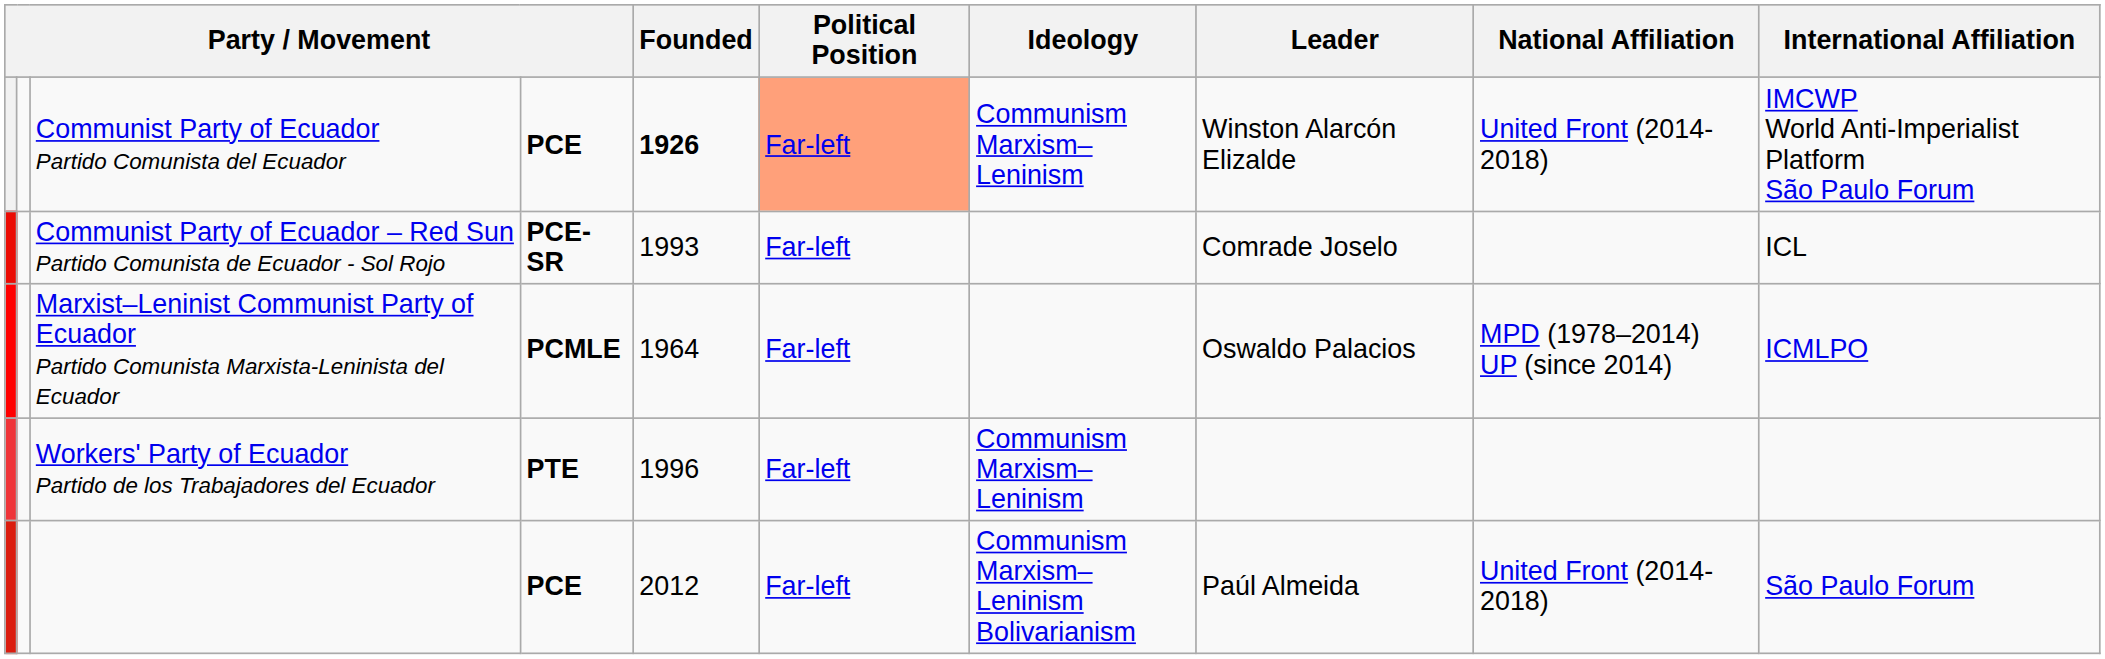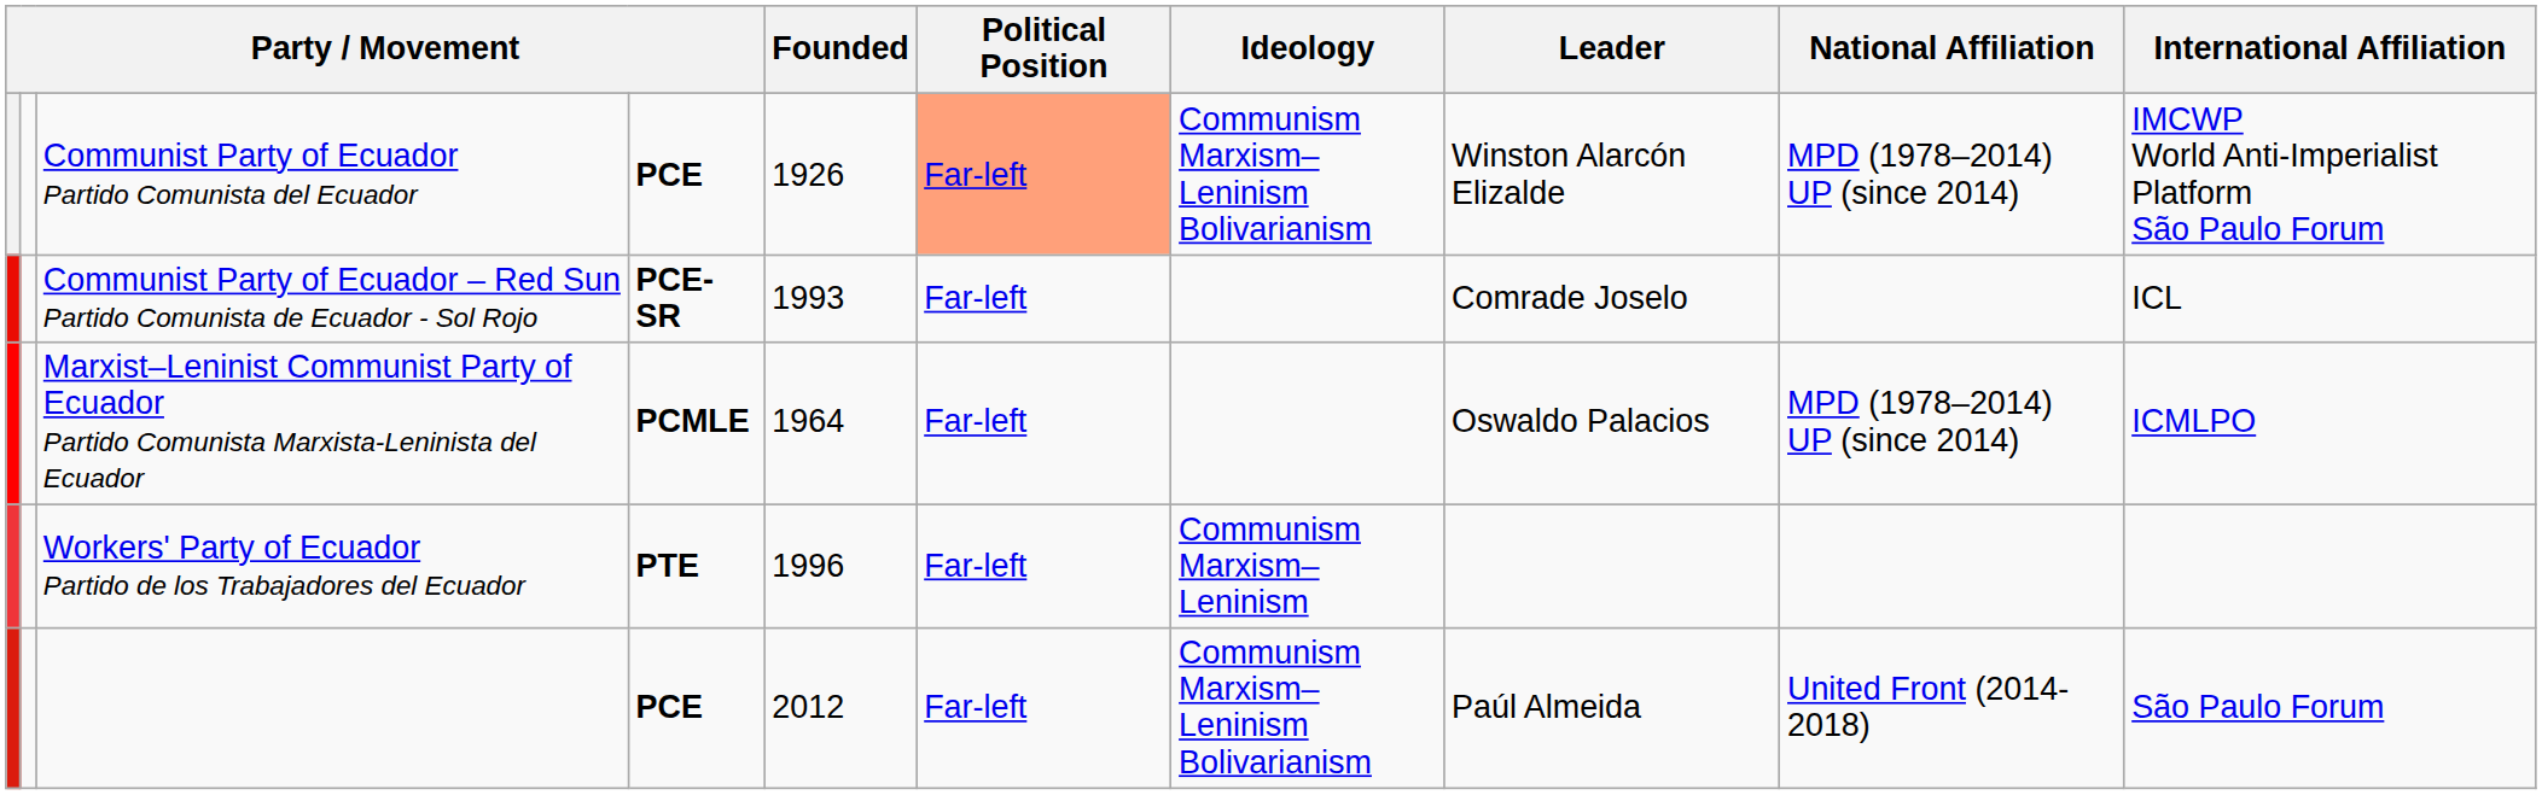 <table class="wikitable sortable">
 <tr>
 <th colspan="4"><strong>Party / Movement</strong></th>
 <th>Founded</th>
 <th>Political Position</th>
 <th>Ideology</th>
 <th>Leader</th>
 <th>National Affiliation</th>
 <th>International Affiliation</th>
 </tr>
 <tr>
 <th style="background-color: "></th>
 <td></td>
 <td><a href='#'>Communist Party of Ecuador</a><br><small><em>Partido Comunista del Ecuador</em></small></td>
 <td><strong>PCE</strong></td>
-<td><strong>1926</strong></td>
+<td>1926</td>
 <td style="background: lightsalmon;"><a href='#'>Far-left</a></td>
-<td><a href='#'>Communism</a><br><a href='#'>Marxism–Leninism</a></td>
+<td><a href='#'>Communism</a><br><a href='#'>Marxism–Leninism</a><br><a href='#'>Bolivarianism</a></td>
 <td>Winston Alarcón Elizalde</td>
-<td><a href='#'>United Front</a> (2014-2018)</td>
+<td><a href='#'>MPD</a> (1978–2014)<br><a href='#'>UP</a> (since 2014)</td>
 <td><a href='#'>IMCWP</a><br>World Anti-Imperialist Platform<br><a href='#'>São Paulo Forum</a></td>
 </tr>
 <tr>
 <th style="background-color: #EB0B03"></th>
 <td></td>
 <td><a href='#'>Communist Party of Ecuador – Red Sun</a><br><small><em>Partido Comunista de Ecuador - Sol Rojo</em></small></td>
 <td><strong>PCE-SR</strong></td>
 <td>1993</td>
 <td><a href='#'>Far-left</a></td>
 <td></td>
 <td>Comrade Joselo</td>
 <td></td>
 <td>ICL</td>
 </tr>
 <tr>
 <th style="background-color: Red"></th>
 <td></td>
 <td><a href='#'>Marxist–Leninist Communist Party of Ecuador</a><br><small><em>Partido Comunista Marxista-Leninista del Ecuador</em></small></td>
 <td><strong>PCMLE</strong></td>
 <td>1964</td>
 <td><a href='#'>Far-left</a></td>
 <td></td>
 <td>Oswaldo Palacios</td>
 <td><a href='#'>MPD</a> (1978–2014)<br><a href='#'>UP</a> (since 2014)</td>
 <td><a href='#'>ICMLPO</a></td>
 </tr>
 <tr>
 <th style="background-color: #ef3439"></th>
 <td></td>
 <td><a href='#'>Workers' Party of Ecuador</a><br><small><em>Partido de los Trabajadores del Ecuador</em></small></td>
 <td><strong>PTE</strong></td>
 <td>1996</td>
 <td><a href='#'>Far-left</a></td>
 <td><a href='#'>Communism</a><br><a href='#'>Marxism–Leninism</a></td>
 <td></td>
 <td></td>
 <td></td>
 </tr>
 <tr>
 <th style="background-color: #db1c0e"></th>
 <td></td>
 <td></td>
 <td><strong>PCE</strong></td>
 <td>2012</td>
 <td><a href='#'>Far-left</a></td>
 <td><a href='#'>Communism</a><br><a href='#'>Marxism–Leninism</a><br><a href='#'>Bolivarianism</a></td>
 <td>Paúl Almeida</td>
 <td><a href='#'>United Front</a> (2014-2018)</td>
 <td><a href='#'>São Paulo Forum</a></td>
 </tr>
 </table>
